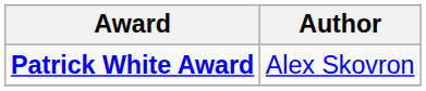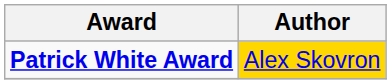 <table class="wikitable">
 <tr>
 <th>Award</th>
 <th>Author</th>
 </tr>
 <tr>
 <td><strong><a href='#'>Patrick White Award</a></strong></td>
-<td><a href='#'>Alex Skovron</a></td>
+<td style="background: gold;"><a href='#'>Alex Skovron</a></td>
 </tr>
 <tr>
 </tr>
 </table>
